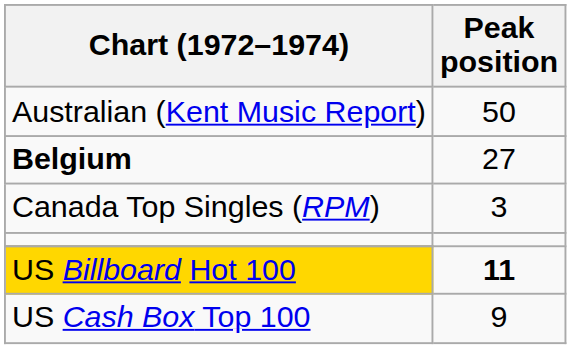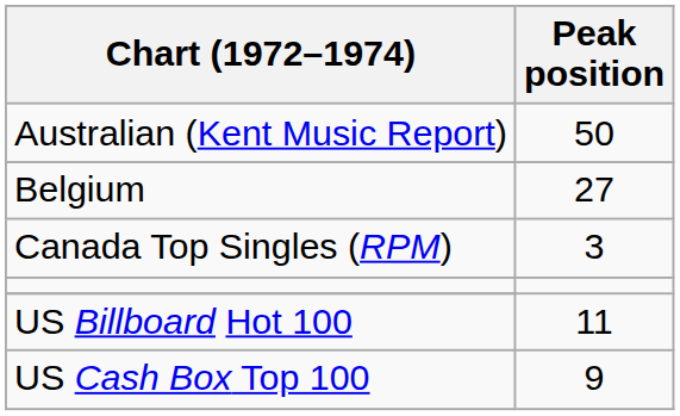 <table class="wikitable sortable">
 <tr>
 <th align="left">Chart (1972–1974)</th>
 <th align="left">Peak<br>position</th>
 </tr>
 <tr>
 <td>Australian (<a href='#'>Kent Music Report</a>)</td>
 <td style="text-align:center;">50</td>
 </tr>
 <tr>
-<td><strong>Belgium</strong></td>
+<td>Belgium</td>
 <td style="text-align:center;">27</td>
 </tr>
 <tr>
 <td align="left">Canada Top Singles (<em><a href='#'>RPM</a></em>)</td>
 <td style="text-align:center;">3</td>
 </tr>
 <tr>
 <td></td>
 </tr>
 <tr>
 </tr>
 <tr>
 </tr>
 <tr>
-<td style="background: gold;">US <em><a href='#'>Billboard</a></em> <a href='#'>Hot 100</a></td>
-<td style="text-align:center;"><strong>11</strong></td>
+<td>US <em><a href='#'>Billboard</a></em> <a href='#'>Hot 100</a></td>
+<td style="text-align:center;">11</td>
 </tr>
 <tr>
 <td>US <a href='#'><em>Cash Box</em> Top 100</a></td>
 <td style="text-align:center;">9</td>
 </tr>
 </table>
